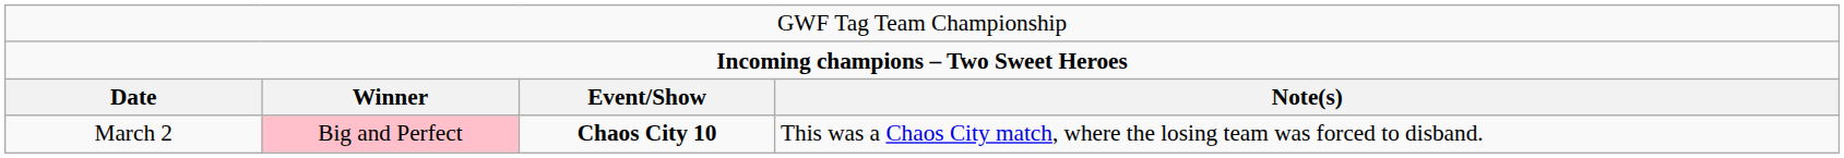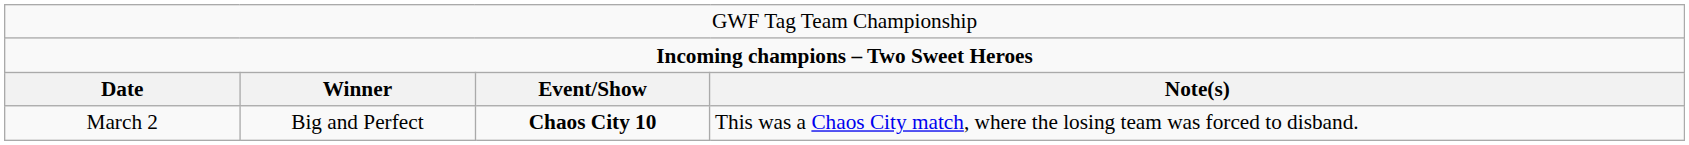 <table class="wikitable" style="text-align:center; width:100%;">
 <tr>
 <td colspan="4" style="text-align: center;">GWF Tag Team Championship</td>
 </tr>
 <tr>
 <td colspan="4" style="text-align: center;"><strong>Incoming champions – Two Sweet Heroes </strong></td>
 </tr>
 <tr>
 <th width=14%>Date</th>
 <th width=14%>Winner</th>
 <th width=14%>Event/Show</th>
 <th width=58%>Note(s)</th>
 </tr>
 <tr>
 <td>March 2</td>
-<td style="background: pink;">Big and Perfect<br></td>
+<td>Big and Perfect<br></td>
 <td><strong>Chaos City 10</strong></td>
 <td align=left>This was a <a href='#'>Chaos City match</a>, where the losing team was forced to disband.</td>
 </tr>
 </table>
